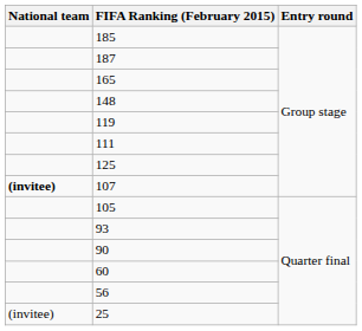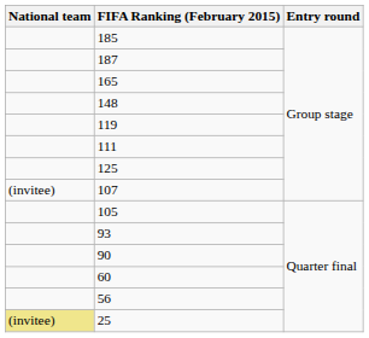 <table class="wikitable sortable">
 <tr>
 <th>National team</th>
 <th>FIFA Ranking (February 2015)</th>
 <th>Entry round</th>
 </tr>
 <tr>
 <td></td>
 <td>185</td>
 <td rowspan="8">Group stage</td>
 </tr>
 <tr>
 <td></td>
 <td>187</td>
 </tr>
 <tr>
 <td></td>
 <td>165</td>
 </tr>
 <tr>
 <td></td>
 <td>148</td>
 </tr>
 <tr>
 <td></td>
 <td>119</td>
 </tr>
 <tr>
 <td></td>
 <td>111</td>
 </tr>
 <tr>
 <td></td>
 <td>125</td>
 </tr>
 <tr>
-<td><strong> (invitee)</strong></td>
+<td> (invitee)</td>
 <td>107</td>
 </tr>
 <tr>
 <td></td>
 <td>105</td>
 <td rowspan="6">Quarter final</td>
 </tr>
 <tr>
 <td></td>
 <td>93</td>
 </tr>
 <tr>
 <td></td>
 <td>90</td>
 </tr>
 <tr>
 <td></td>
 <td>60</td>
 </tr>
 <tr>
 <td></td>
 <td>56</td>
 </tr>
 <tr>
-<td> (invitee)</td>
+<td style="background: khaki;"> (invitee)</td>
 <td>25</td>
 </tr>
 </table>
